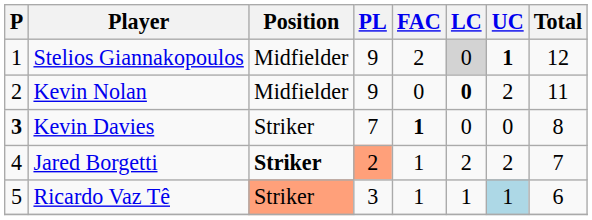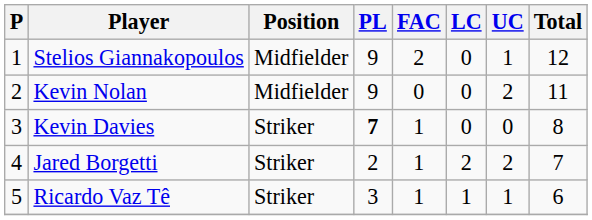 <table class="wikitable sortable">
 <tr>
 <th>P</th>
 <th>Player</th>
 <th>Position</th>
 <th><a href='#'>PL</a></th>
 <th><a href='#'>FAC</a></th>
 <th><a href='#'>LC</a></th>
 <th><a href='#'>UC</a></th>
 <th>Total</th>
 </tr>
 <tr>
 <td align=center>1</td>
 <td> <a href='#'>Stelios Giannakopoulos</a></td>
 <td>Midfielder</td>
 <td align=center>9</td>
 <td align=center>2</td>
-<td align=center style="background: lightgrey;">0</td>
-<td align=center><strong>1</strong></td>
+<td align=center>0</td>
+<td align=center>1</td>
 <td align=center>12</td>
 </tr>
 <tr>
 <td align=center>2</td>
 <td> <a href='#'>Kevin Nolan</a></td>
 <td>Midfielder</td>
 <td align=center>9</td>
 <td align=center>0</td>
-<td align=center><strong>0</strong></td>
+<td align=center>0</td>
 <td align=center>2</td>
 <td align=center>11</td>
 </tr>
 <tr>
-<td align=center><strong>3</strong></td>
+<td align=center>3</td>
 <td> <a href='#'>Kevin Davies</a></td>
 <td>Striker</td>
-<td align=center>7</td>
-<td align=center><strong>1</strong></td>
+<td align=center><strong>7</strong></td>
+<td align=center>1</td>
 <td align=center>0</td>
 <td align=center>0</td>
 <td align=center>8</td>
 </tr>
 <tr>
 <td align=center>4</td>
 <td> <a href='#'>Jared Borgetti</a></td>
-<td><strong>Striker</strong></td>
-<td align=center style="background: lightsalmon;">2</td>
+<td>Striker</td>
+<td align=center>2</td>
 <td align=center>1</td>
 <td align=center>2</td>
 <td align=center>2</td>
 <td align=center>7</td>
 </tr>
 <tr>
 <td align=center>5</td>
 <td> <a href='#'>Ricardo Vaz Tê</a></td>
-<td style="background: lightsalmon;">Striker</td>
+<td>Striker</td>
 <td align=center>3</td>
 <td align=center>1</td>
 <td align=center>1</td>
-<td align=center style="background: lightblue;">1</td>
+<td align=center>1</td>
 <td align=center>6</td>
 </tr>
 <tr>
 </tr>
 </table>
